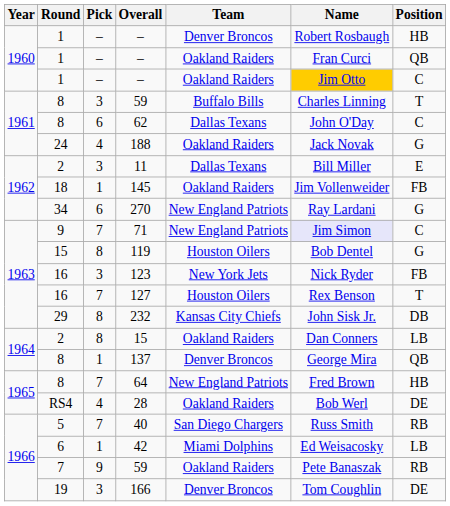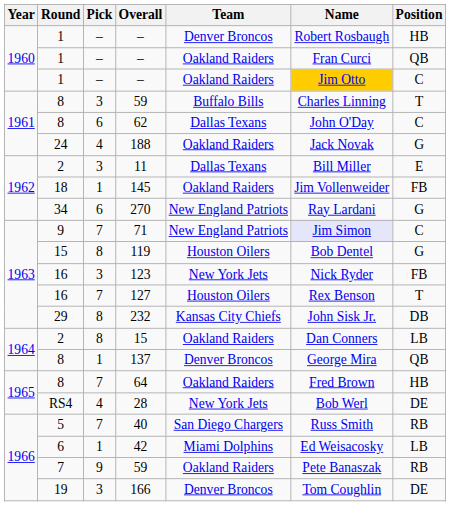 <table class="wikitable sortable" style="text-align:center">
 <tr>
 <th>Year</th>
 <th>Round</th>
 <th>Pick</th>
 <th>Overall</th>
 <th>Team</th>
 <th>Name</th>
 <th>Position</th>
 </tr>
 <tr>
 <td rowspan="3"><a href='#'>1960</a></td>
 <td>1</td>
 <td>–</td>
 <td>–</td>
 <td><a href='#'>Denver Broncos</a></td>
 <td><a href='#'>Robert Rosbaugh</a></td>
 <td>HB</td>
 </tr>
 <tr>
 <td>1</td>
 <td>–</td>
 <td>–</td>
 <td><a href='#'>Oakland Raiders</a></td>
 <td><a href='#'>Fran Curci</a></td>
 <td>QB</td>
 </tr>
 <tr>
 <td>1</td>
 <td>–</td>
 <td>–</td>
 <td><a href='#'>Oakland Raiders</a></td>
 <td style="background-color:#FFCC00"><a href='#'>Jim Otto</a></td>
 <td>C</td>
 </tr>
 <tr>
 <td rowspan="3"><a href='#'>1961</a></td>
 <td>8</td>
 <td>3</td>
 <td>59</td>
 <td><a href='#'>Buffalo Bills</a></td>
 <td><a href='#'>Charles Linning</a></td>
 <td>T</td>
 </tr>
 <tr>
 <td>8</td>
 <td>6</td>
 <td>62</td>
 <td><a href='#'>Dallas Texans</a></td>
 <td><a href='#'>John O'Day</a></td>
 <td>C</td>
 </tr>
 <tr>
 <td>24</td>
 <td>4</td>
 <td>188</td>
 <td><a href='#'>Oakland Raiders</a></td>
 <td><a href='#'>Jack Novak</a></td>
 <td>G</td>
 </tr>
 <tr>
 <td rowspan="3"><a href='#'>1962</a></td>
 <td>2</td>
 <td>3</td>
 <td>11</td>
 <td><a href='#'>Dallas Texans</a></td>
 <td><a href='#'>Bill Miller</a></td>
 <td>E</td>
 </tr>
 <tr>
 <td>18</td>
 <td>1</td>
 <td>145</td>
 <td><a href='#'>Oakland Raiders</a></td>
 <td><a href='#'>Jim Vollenweider</a></td>
 <td>FB</td>
 </tr>
 <tr>
 <td>34</td>
 <td>6</td>
 <td>270</td>
 <td><a href='#'>New England Patriots</a></td>
 <td><a href='#'>Ray Lardani</a></td>
 <td>G</td>
 </tr>
 <tr>
 <td rowspan="5"><a href='#'>1963</a></td>
 <td>9</td>
 <td>7</td>
 <td>71</td>
 <td><a href='#'>New England Patriots</a></td>
 <td style="background: lavender;"><a href='#'>Jim Simon</a></td>
 <td>C</td>
 </tr>
 <tr>
 <td>15</td>
 <td>8</td>
 <td>119</td>
 <td><a href='#'>Houston Oilers</a></td>
 <td><a href='#'>Bob Dentel</a></td>
 <td>G</td>
 </tr>
 <tr>
 <td>16</td>
 <td>3</td>
 <td>123</td>
 <td><a href='#'>New York Jets</a></td>
 <td><a href='#'>Nick Ryder</a></td>
 <td>FB</td>
 </tr>
 <tr>
 <td>16</td>
 <td>7</td>
 <td>127</td>
 <td><a href='#'>Houston Oilers</a></td>
 <td><a href='#'>Rex Benson</a></td>
 <td>T</td>
 </tr>
 <tr>
 <td>29</td>
 <td>8</td>
 <td>232</td>
 <td><a href='#'>Kansas City Chiefs</a></td>
 <td><a href='#'>John Sisk Jr.</a></td>
 <td>DB</td>
 </tr>
 <tr>
 <td rowspan="2"><a href='#'>1964</a></td>
 <td>2</td>
 <td>8</td>
 <td>15</td>
 <td><a href='#'>Oakland Raiders</a></td>
 <td><a href='#'>Dan Conners</a></td>
 <td>LB</td>
 </tr>
 <tr>
 <td>8</td>
 <td>1</td>
 <td>137</td>
 <td><a href='#'>Denver Broncos</a></td>
 <td><a href='#'>George Mira</a></td>
 <td>QB</td>
 </tr>
 <tr>
 <td rowspan="2"><a href='#'>1965</a></td>
 <td>8</td>
 <td>7</td>
 <td>64</td>
-<td><a href='#'>New England Patriots</a></td>
+<td><a href='#'>Oakland Raiders</a></td>
 <td><a href='#'>Fred Brown</a></td>
 <td>HB</td>
 </tr>
 <tr>
 <td>RS4</td>
 <td>4</td>
 <td>28</td>
-<td><a href='#'>Oakland Raiders</a></td>
+<td><a href='#'>New York Jets</a></td>
 <td><a href='#'>Bob Werl</a></td>
 <td>DE</td>
 </tr>
 <tr>
 <td rowspan="4"><a href='#'>1966</a></td>
 <td>5</td>
 <td>7</td>
 <td>40</td>
 <td><a href='#'>San Diego Chargers</a></td>
 <td><a href='#'>Russ Smith</a></td>
 <td>RB</td>
 </tr>
 <tr>
 <td>6</td>
 <td>1</td>
 <td>42</td>
 <td><a href='#'>Miami Dolphins</a></td>
 <td><a href='#'>Ed Weisacosky</a></td>
 <td>LB</td>
 </tr>
 <tr>
 <td>7</td>
 <td>9</td>
 <td>59</td>
 <td><a href='#'>Oakland Raiders</a></td>
 <td><a href='#'>Pete Banaszak</a></td>
 <td>RB</td>
 </tr>
 <tr>
 <td>19</td>
 <td>3</td>
 <td>166</td>
 <td><a href='#'>Denver Broncos</a></td>
 <td><a href='#'>Tom Coughlin</a></td>
 <td>DE</td>
 </tr>
 </table>
